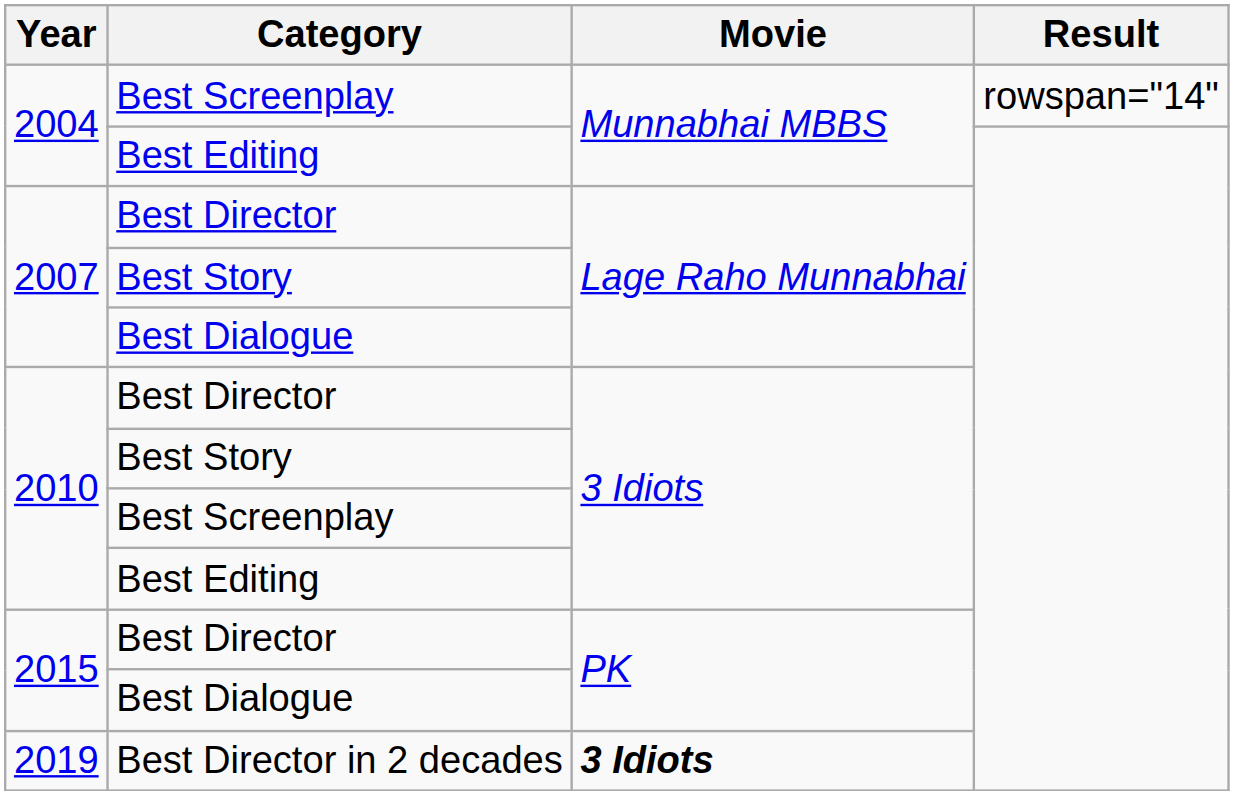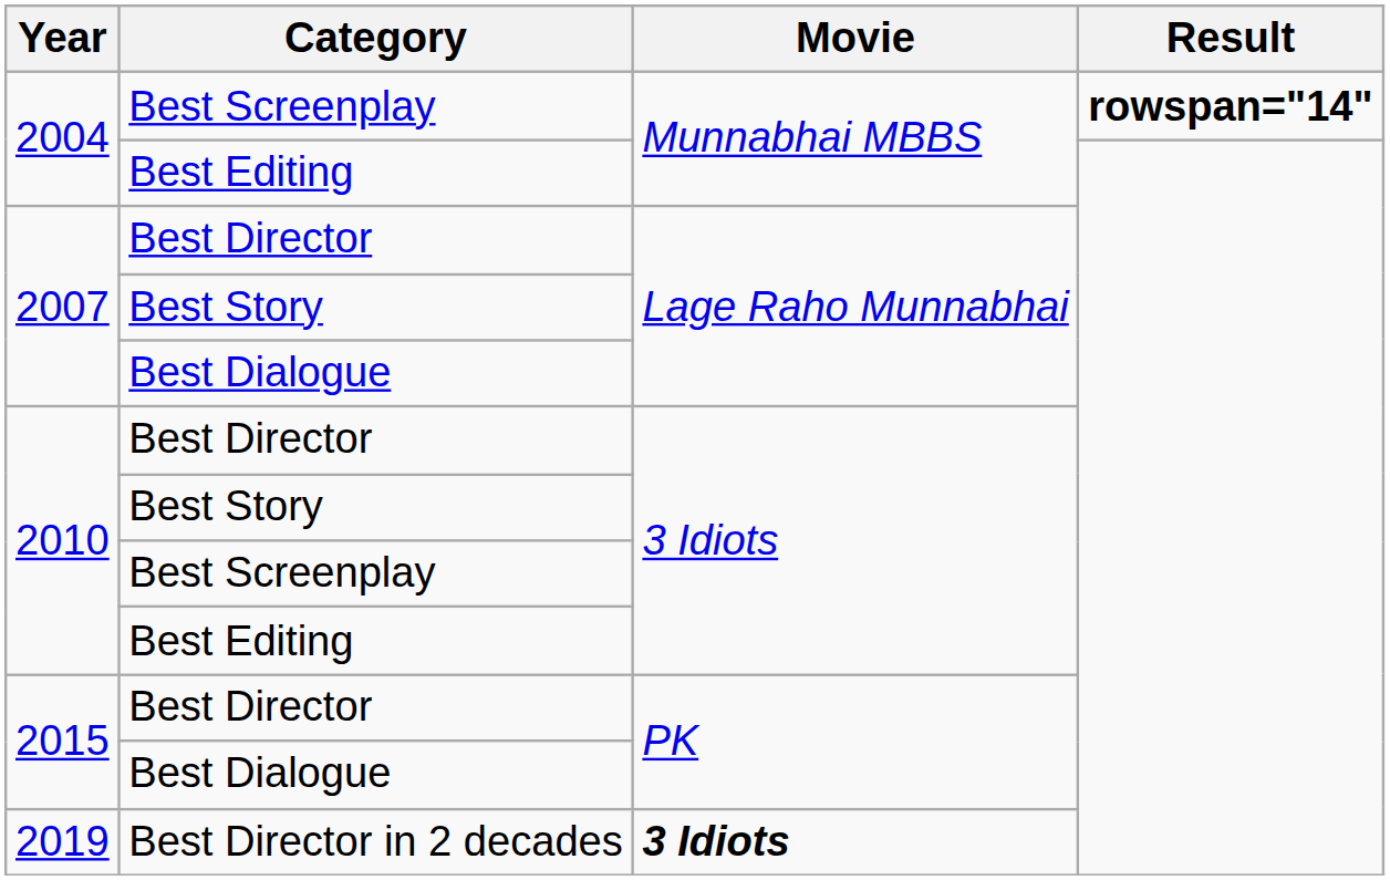 <table class="wikitable">
 <tr>
 <th>Year</th>
 <th>Category</th>
 <th>Movie</th>
 <th>Result</th>
 </tr>
 <tr>
 <td rowspan="2"><a href='#'>2004<br></a></td>
 <td><a href='#'>Best Screenplay</a></td>
 <td rowspan="2"><em><a href='#'>Munnabhai MBBS</a></em></td>
-<td>rowspan="14"</td>
+<td><strong>rowspan="14"</strong></td>
 </tr>
 <tr>
 <td><a href='#'>Best Editing</a></td>
 </tr>
 <tr>
 <td rowspan="3"><a href='#'>2007<br></a></td>
 <td><a href='#'>Best Director</a></td>
 <td rowspan="3"><em><a href='#'>Lage Raho Munnabhai</a></em></td>
 </tr>
 <tr>
 <td><a href='#'>Best Story</a></td>
 </tr>
 <tr>
 <td><a href='#'>Best Dialogue</a></td>
 </tr>
 <tr>
 <td rowspan="4"><a href='#'>2010<br></a></td>
 <td>Best Director</td>
 <td rowspan="4"><em><a href='#'>3 Idiots</a></em></td>
 </tr>
 <tr>
 <td>Best Story</td>
 </tr>
 <tr>
 <td>Best Screenplay</td>
 </tr>
 <tr>
 <td>Best Editing</td>
 </tr>
 <tr>
 <td rowspan="2"><a href='#'>2015<br></a></td>
 <td>Best Director</td>
 <td rowspan="2"><em><a href='#'>PK</a></em></td>
 </tr>
 <tr>
 <td>Best Dialogue</td>
 </tr>
 <tr>
 <td><a href='#'>2019<br></a></td>
 <td>Best Director in 2 decades</td>
 <td><strong><em>3 Idiots</em></strong></td>
 </tr>
 </table>
